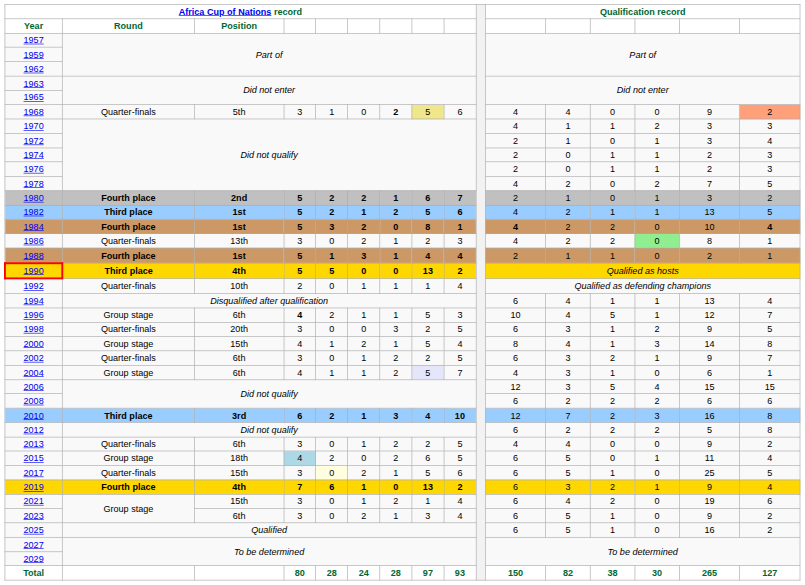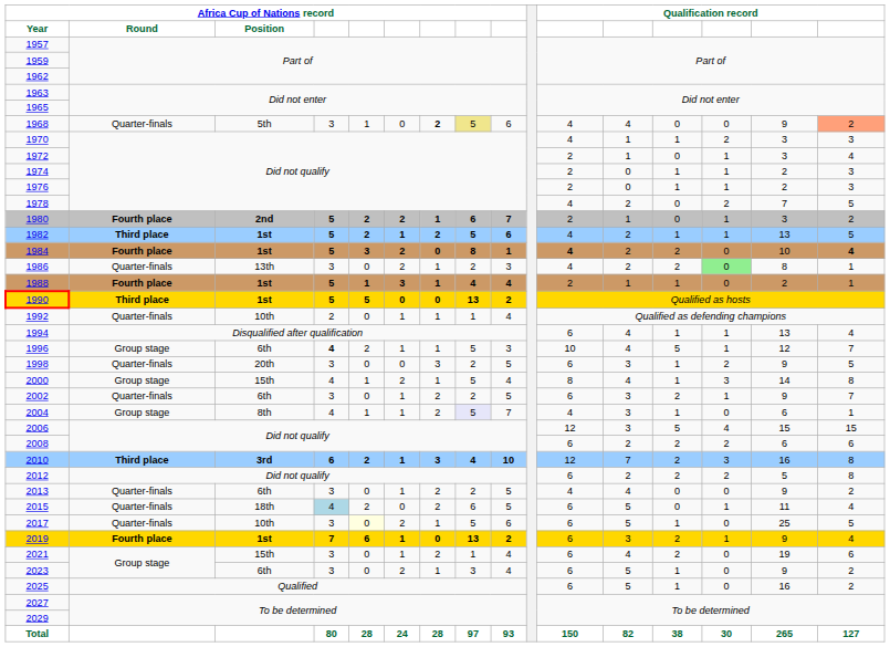 <table class="wikitable" style="text-align:center; font-size:90%; width:100%">
 <tr>
 <th colspan="9" style="background:white; color:#006633; "><a href='#'><span>Africa Cup of Nations</span></a> record</th>
 <th rowspan="40"></th>
 <th colspan="6" style="background:white; color:#006633; ">Qualification record</th>
 </tr>
 <tr>
 <th style="background:white; color:#006633; ">Year</th>
 <th style="background:white; color:#006633; ">Round</th>
 <th style="background:white; color:#006633; ">Position</th>
 <th style="background:white; color:#006633; "></th>
 <th style="background:white; color:#006633; "></th>
 <th style="background:white; color:#006633; "></th>
 <th style="background:white; color:#006633; "></th>
 <th style="background:white; color:#006633; "></th>
 <th style="background:white; color:#006633; "></th>
 <th style="background:white; color:#006633; "></th>
 <th style="background:white; color:#006633; "></th>
 <th style="background:white; color:#006633; "></th>
 <th style="background:white; color:#006633; "></th>
 <th style="background:white; color:#006633; "></th>
 <th style="background:white; color:#006633; "></th>
 </tr>
 <tr>
 <td> <a href='#'>1957</a></td>
 <td colspan="8" rowspan="3"><em>Part of </em></td>
 <td colspan="6" rowspan="3"><em>Part of </em></td>
 </tr>
 <tr>
 <td> <a href='#'>1959</a></td>
 </tr>
 <tr>
 <td> <a href='#'>1962</a></td>
 </tr>
 <tr>
 <td> <a href='#'>1963</a></td>
 <td colspan="8" rowspan="2"><em>Did not enter</em></td>
 <td colspan="6" rowspan="2"><em>Did not enter</em></td>
 </tr>
 <tr>
 <td> <a href='#'>1965</a></td>
 </tr>
 <tr>
 <td> <a href='#'>1968</a></td>
 <td>Quarter-finals</td>
 <td>5th</td>
 <td>3</td>
 <td>1</td>
 <td>0</td>
 <td><strong>2</strong></td>
 <td style="background: khaki;">5</td>
 <td>6</td>
 <td>4</td>
 <td>4</td>
 <td>0</td>
 <td>0</td>
 <td>9</td>
 <td style="background: lightsalmon;">2</td>
 </tr>
 <tr>
 <td> <a href='#'>1970</a></td>
 <td colspan="8" rowspan="5"><em>Did not qualify</em></td>
 <td>4</td>
 <td>1</td>
 <td>1</td>
 <td>2</td>
 <td>3</td>
 <td>3</td>
 </tr>
 <tr>
 <td> <a href='#'>1972</a></td>
 <td>2</td>
 <td>1</td>
 <td>0</td>
 <td>1</td>
 <td>3</td>
 <td>4</td>
 </tr>
 <tr>
 <td> <a href='#'>1974</a></td>
 <td>2</td>
 <td>0</td>
 <td>1</td>
 <td>1</td>
 <td>2</td>
 <td>3</td>
 </tr>
 <tr>
 <td> <a href='#'>1976</a></td>
 <td>2</td>
 <td>0</td>
 <td>1</td>
 <td>1</td>
 <td>2</td>
 <td>3</td>
 </tr>
 <tr>
 <td> <a href='#'>1978</a></td>
 <td>4</td>
 <td>2</td>
 <td>0</td>
 <td>2</td>
 <td>7</td>
 <td>5</td>
 </tr>
 <tr style="background:silver">
 <td> <a href='#'>1980</a></td>
 <td><strong>Fourth place</strong></td>
 <td><strong>2nd</strong></td>
 <td><strong>5</strong></td>
 <td><strong>2</strong></td>
 <td><strong>2</strong></td>
 <td><strong>1</strong></td>
 <td><strong>6</strong></td>
 <td><strong>7</strong></td>
 <td>2</td>
 <td>1</td>
 <td>0</td>
 <td>1</td>
 <td>3</td>
 <td>2</td>
 </tr>
 <tr style="background:#9ACDFF">
 <td> <a href='#'>1982</a></td>
 <td><strong>Third place</strong></td>
 <td><strong>1st</strong></td>
 <td><strong>5</strong></td>
 <td><strong>2</strong></td>
 <td><strong>1</strong></td>
 <td><strong>2</strong></td>
 <td><strong>5</strong></td>
 <td><strong>6</strong></td>
 <td>4</td>
 <td>2</td>
 <td>1</td>
 <td>1</td>
 <td>13</td>
 <td>5</td>
 </tr>
 <tr style="background:#CC9966">
 <td> <a href='#'>1984</a></td>
 <td><strong>Fourth place</strong></td>
 <td><strong>1st</strong></td>
 <td><strong>5</strong></td>
 <td><strong>3</strong></td>
 <td><strong>2</strong></td>
 <td><strong>0</strong></td>
 <td><strong>8</strong></td>
 <td><strong>1</strong></td>
 <td><strong>4</strong></td>
 <td>2</td>
 <td>2</td>
 <td>0</td>
 <td>10</td>
 <td><strong>4</strong></td>
 </tr>
 <tr>
 <td> <a href='#'>1986</a></td>
 <td>Quarter-finals</td>
 <td>13th</td>
 <td>3</td>
 <td>0</td>
 <td>2</td>
 <td>1</td>
 <td>2</td>
 <td>3</td>
 <td>4</td>
 <td>2</td>
 <td>2</td>
 <td style="background: lightgreen;">0</td>
 <td>8</td>
 <td>1</td>
 </tr>
 <tr style="background:#CC9966">
 <td> <a href='#'>1988</a></td>
 <td><strong>Fourth place</strong></td>
 <td><strong>1st</strong></td>
 <td><strong>5</strong></td>
 <td><strong>1</strong></td>
 <td><strong>3</strong></td>
 <td><strong>1</strong></td>
 <td><strong>4</strong></td>
 <td><strong>4</strong></td>
 <td>2</td>
 <td>1</td>
 <td>1</td>
 <td>0</td>
 <td>2</td>
 <td>1</td>
 </tr>
 <tr style="background:gold">
 <td style="border:3px solid red"> <a href='#'>1990</a></td>
 <td><strong>Third place</strong></td>
-<td><strong>4th</strong></td>
+<td><strong>1st</strong></td>
 <td><strong>5</strong></td>
 <td><strong>5</strong></td>
 <td><strong>0</strong></td>
 <td><strong>0</strong></td>
 <td><strong>13</strong></td>
 <td><strong>2</strong></td>
 <td colspan="6"><em>Qualified as hosts</em></td>
 </tr>
 <tr>
 <td> <a href='#'>1992</a></td>
 <td>Quarter-finals</td>
 <td>10th</td>
 <td>2</td>
 <td>0</td>
 <td>1</td>
 <td>1</td>
 <td>1</td>
 <td>4</td>
 <td colspan="6"><em>Qualified as defending champions</em></td>
 </tr>
 <tr>
 <td> <a href='#'>1994</a></td>
 <td colspan="8"><em>Disqualified after qualification</em></td>
 <td>6</td>
 <td>4</td>
 <td>1</td>
 <td>1</td>
 <td>13</td>
 <td>4</td>
 </tr>
 <tr>
 <td> <a href='#'>1996</a></td>
 <td>Group stage</td>
 <td>6th</td>
 <td><strong>4</strong></td>
 <td>2</td>
 <td>1</td>
 <td>1</td>
 <td>5</td>
 <td>3</td>
 <td>10</td>
 <td>4</td>
 <td>5</td>
 <td>1</td>
 <td>12</td>
 <td>7</td>
 </tr>
 <tr>
 <td> <a href='#'>1998</a></td>
 <td>Quarter-finals</td>
 <td>20th</td>
 <td>3</td>
 <td>0</td>
 <td>0</td>
 <td>3</td>
 <td>2</td>
 <td>5</td>
 <td>6</td>
 <td>3</td>
 <td>1</td>
 <td>2</td>
 <td>9</td>
 <td>5</td>
 </tr>
 <tr>
 <td>  <a href='#'>2000</a></td>
 <td>Group stage</td>
 <td>15th</td>
 <td>4</td>
 <td>1</td>
 <td>2</td>
 <td>1</td>
 <td>5</td>
 <td>4</td>
 <td>8</td>
 <td>4</td>
 <td>1</td>
 <td>3</td>
 <td>14</td>
 <td>8</td>
 </tr>
 <tr>
 <td> <a href='#'>2002</a></td>
 <td>Quarter-finals</td>
 <td>6th</td>
 <td>3</td>
 <td>0</td>
 <td>1</td>
 <td>2</td>
 <td>2</td>
 <td>5</td>
 <td>6</td>
 <td>3</td>
 <td>2</td>
 <td>1</td>
 <td>9</td>
 <td>7</td>
 </tr>
 <tr>
 <td> <a href='#'>2004</a></td>
 <td>Group stage</td>
-<td>6th</td>
+<td>8th</td>
 <td>4</td>
 <td>1</td>
 <td>1</td>
 <td>2</td>
 <td style="background: lavender;">5</td>
 <td>7</td>
 <td>4</td>
 <td>3</td>
 <td>1</td>
 <td>0</td>
 <td>6</td>
 <td>1</td>
 </tr>
 <tr>
 <td> <a href='#'>2006</a></td>
 <td colspan="8" rowspan="2"><em>Did not qualify</em></td>
 <td>12</td>
 <td>3</td>
 <td>5</td>
 <td>4</td>
 <td>15</td>
 <td>15</td>
 </tr>
 <tr>
 <td> <a href='#'>2008</a></td>
 <td>6</td>
 <td>2</td>
 <td>2</td>
 <td>2</td>
 <td>6</td>
 <td>6</td>
 </tr>
 <tr style="background:#9ACDFF">
 <td> <a href='#'>2010</a></td>
 <td><strong>Third place</strong></td>
 <td><strong>3rd</strong></td>
 <td><strong>6</strong></td>
 <td><strong>2</strong></td>
 <td><strong>1</strong></td>
 <td><strong>3</strong></td>
 <td><strong>4</strong></td>
 <td><strong>10</strong></td>
 <td>12</td>
 <td>7</td>
 <td>2</td>
 <td>3</td>
 <td>16</td>
 <td>8</td>
 </tr>
 <tr>
 <td>  <a href='#'>2012</a></td>
 <td colspan="8"><em>Did not qualify</em></td>
 <td>6</td>
 <td>2</td>
 <td>2</td>
 <td>2</td>
 <td>5</td>
 <td>8</td>
 </tr>
 <tr>
 <td> <a href='#'>2013</a></td>
 <td>Quarter-finals</td>
 <td>6th</td>
 <td>3</td>
 <td>0</td>
 <td>1</td>
 <td>2</td>
 <td>2</td>
 <td>5</td>
 <td>4</td>
 <td>4</td>
 <td>0</td>
 <td>0</td>
 <td>9</td>
 <td>2</td>
 </tr>
 <tr>
 <td> <a href='#'>2015</a></td>
-<td>Group stage</td>
+<td>Quarter-finals</td>
 <td>18th</td>
 <td style="background: lightblue;">4</td>
 <td>2</td>
 <td>0</td>
 <td>2</td>
 <td>6</td>
 <td>5</td>
 <td>6</td>
 <td>5</td>
 <td>0</td>
 <td>1</td>
 <td>11</td>
 <td>4</td>
 </tr>
 <tr>
 <td> <a href='#'>2017</a></td>
 <td>Quarter-finals</td>
-<td>15th</td>
+<td>10th</td>
 <td>3</td>
 <td style="background: lightyellow;">0</td>
 <td>2</td>
 <td>1</td>
 <td>5</td>
 <td>6</td>
 <td>6</td>
 <td>5</td>
 <td>1</td>
 <td>0</td>
 <td>25</td>
 <td>5</td>
 </tr>
 <tr style="background:gold">
 <td> <a href='#'>2019</a></td>
 <td><strong>Fourth place</strong></td>
-<td><strong>4th</strong></td>
+<td><strong>1st</strong></td>
 <td><strong>7</strong></td>
 <td><strong>6</strong></td>
 <td><strong>1</strong></td>
 <td><strong>0</strong></td>
 <td><strong>13</strong></td>
 <td><strong>2</strong></td>
 <td>6</td>
 <td>3</td>
 <td>2</td>
 <td>1</td>
 <td>9</td>
 <td>4</td>
 </tr>
 <tr>
 <td> <a href='#'>2021</a></td>
 <td rowspan="2">Group stage</td>
 <td>15th</td>
 <td>3</td>
 <td>0</td>
 <td>1</td>
 <td>2</td>
 <td>1</td>
 <td>4</td>
 <td>6</td>
 <td>4</td>
 <td>2</td>
 <td>0</td>
 <td>19</td>
 <td>6</td>
 </tr>
 <tr>
 <td> <a href='#'>2023</a></td>
 <td>6th</td>
 <td>3</td>
 <td>0</td>
 <td>2</td>
 <td>1</td>
 <td>3</td>
 <td>4</td>
 <td>6</td>
 <td>5</td>
 <td>1</td>
 <td>0</td>
 <td>9</td>
 <td>2</td>
 </tr>
 <tr>
 <td> <a href='#'>2025</a></td>
 <td colspan="8" rowspan="1"><em>Qualified</em></td>
 <td>6</td>
 <td>5</td>
 <td>1</td>
 <td>0</td>
 <td>16</td>
 <td>2</td>
 </tr>
 <tr>
 <td>   <a href='#'>2027</a></td>
 <td colspan="8" rowspan="2"><em>To be determined</em></td>
 <td colspan="6" rowspan="2"><em>To be determined</em></td>
 </tr>
 <tr>
 <td> <a href='#'>2029</a></td>
 </tr>
 <tr>
 <th style="background:white; color:#006633; ">Total</th>
 <th style="background:white; color:#006633; "></th>
 <th style="background:white; color:#006633; "></th>
 <th style="background:white; color:#006633; ">80</th>
 <th style="background:white; color:#006633; ">28</th>
 <th style="background:white; color:#006633; ">24</th>
 <th style="background:white; color:#006633; ">28</th>
 <th style="background:white; color:#006633; ">97</th>
 <th style="background:white; color:#006633; ">93</th>
 <th style="background:white; color:#006633; ">150</th>
 <th style="background:white; color:#006633; ">82</th>
 <th style="background:white; color:#006633; ">38</th>
 <th style="background:white; color:#006633; ">30</th>
 <th style="background:white; color:#006633; ">265</th>
 <th style="background:white; color:#006633; ">127</th>
 </tr>
 </table>
